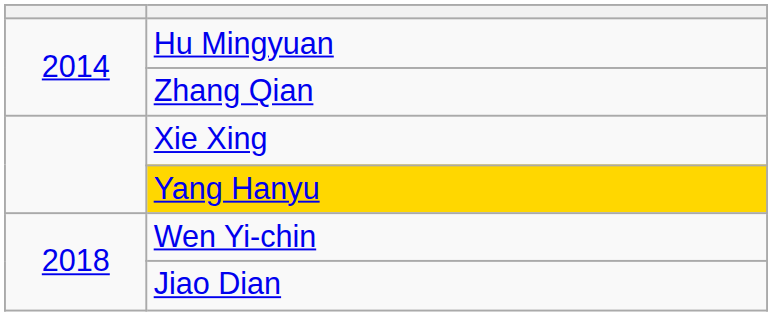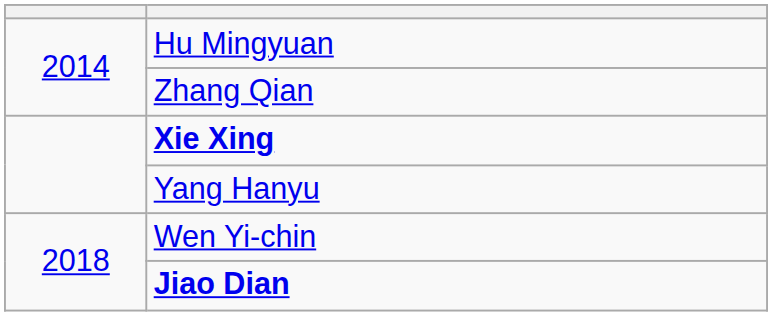 <table class=wikitable style="width: 400px;">
 <tr>
 <th width="40"></th>
 <th width="200"></th>
 </tr>
 <tr>
 <td align=center rowspan=2><a href='#'>2014</a></td>
 <td> <a href='#'>Hu Mingyuan</a></td>
 </tr>
 <tr>
 <td> <a href='#'>Zhang Qian</a></td>
 </tr>
 <tr>
 <td align=center rowspan=2></td>
-<td> <a href='#'>Xie Xing</a></td>
+<td><strong> <a href='#'>Xie Xing</a></strong></td>
 </tr>
 <tr>
-<td style="background: gold;"> <a href='#'>Yang Hanyu</a></td>
+<td> <a href='#'>Yang Hanyu</a></td>
 </tr>
 <tr>
 <td align=center rowspan=2><a href='#'>2018</a></td>
 <td> <a href='#'>Wen Yi-chin</a></td>
 </tr>
 <tr>
-<td> <a href='#'>Jiao Dian</a></td>
+<td><strong> <a href='#'>Jiao Dian</a></strong></td>
 </tr>
 </table>
